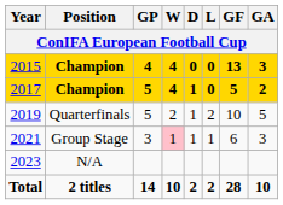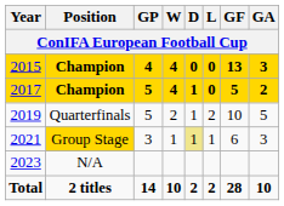 <table class="wikitable" style="text-align: center;">
 <tr>
 <th>Year</th>
 <th>Position</th>
 <th>GP</th>
 <th>W</th>
 <th>D</th>
 <th>L</th>
 <th>GF</th>
 <th>GA</th>
 </tr>
 <tr>
 <th colspan=8><a href='#'>ConIFA European Football Cup</a></th>
 </tr>
 <tr style="background:gold;">
 <td> <a href='#'>2015</a></td>
 <td><strong>Champion</strong></td>
 <td><strong>4</strong></td>
 <td><strong>4</strong></td>
 <td><strong>0</strong></td>
 <td><strong>0</strong></td>
 <td><strong>13</strong></td>
 <td><strong>3</strong></td>
 </tr>
 <tr style="background:gold;">
 <td> <a href='#'>2017</a></td>
 <td><strong>Champion</strong></td>
 <td><strong>5</strong></td>
 <td><strong>4</strong></td>
 <td><strong>1</strong></td>
 <td><strong>0</strong></td>
 <td><strong>5</strong></td>
 <td><strong>2</strong></td>
 </tr>
 <tr>
 <td> <a href='#'>2019</a></td>
 <td>Quarterfinals</td>
 <td>5</td>
 <td>2</td>
 <td>1</td>
 <td>2</td>
 <td>10</td>
 <td>5</td>
 </tr>
 <tr>
 <td> <a href='#'>2021</a></td>
-<td>Group Stage</td>
+<td style="background: gold;">Group Stage</td>
 <td>3</td>
-<td style="background: pink;">1</td>
 <td>1</td>
+<td style="background: khaki;">1</td>
 <td>1</td>
 <td>6</td>
 <td>3</td>
 </tr>
 <tr>
 <td> <a href='#'>2023</a></td>
 <td>N/A</td>
 <td></td>
 <td></td>
 <td></td>
 <td></td>
 <td></td>
 <td></td>
 </tr>
 <tr>
 <td><strong>Total</strong></td>
 <td><strong>2 titles</strong></td>
 <td><strong>14</strong></td>
 <td><strong>10 </strong></td>
 <td><strong>2</strong></td>
 <td><strong>2</strong></td>
 <td><strong>28</strong></td>
 <td><strong>10</strong></td>
 </tr>
 </table>
